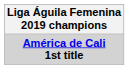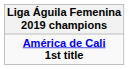 <table class="wikitable" style="text-align: center; margin: 0 auto;">
 <tr>
 <th>Liga Águila Femenina<br>2019 champions</th>
 </tr>
 <tr>
-<td style="background: lightgrey;"><strong><a href='#'>América de Cali</a></strong><br><strong>1st title</strong></td>
+<td><strong><a href='#'>América de Cali</a></strong><br><strong>1st title</strong></td>
 </tr>
 </table>
